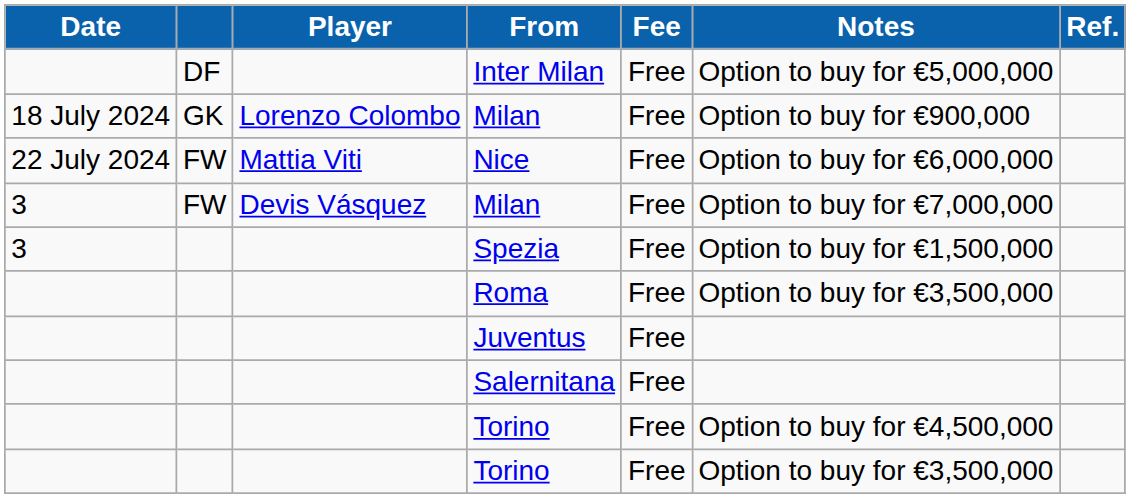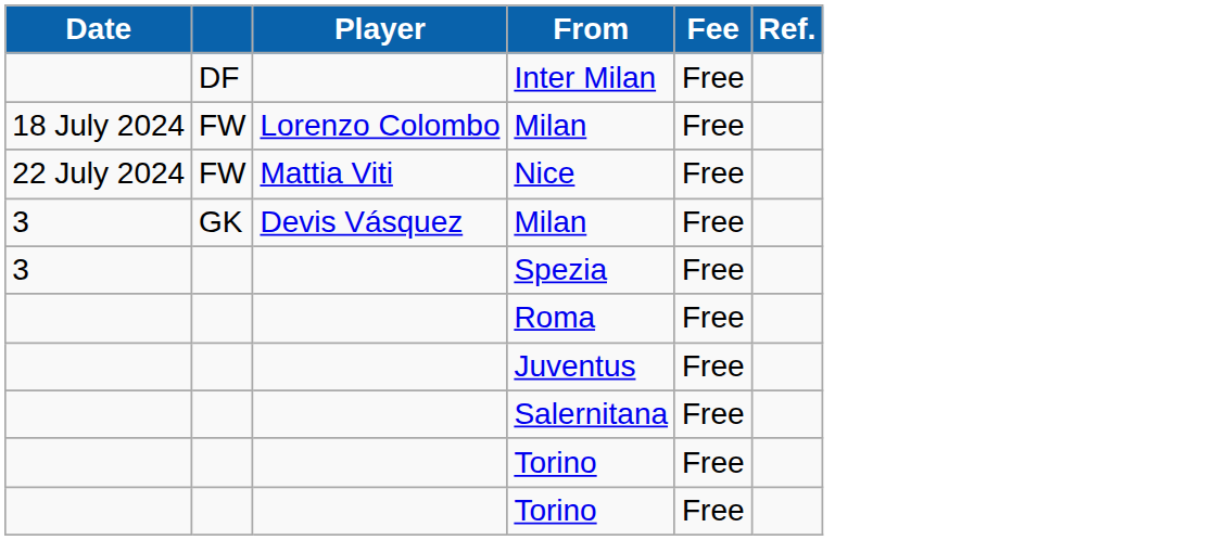 <table class="wikitable">
 <tr>
 <th style="background:#0962AB;color:white">Date</th>
 <th style="background:#0962AB;color:white"></th>
 <th style="background:#0962AB;color:white">Player</th>
 <th style="background:#0962AB;color:white">From</th>
 <th style="background:#0962AB;color:white">Fee</th>
-<th style="background:#0962AB;color:white">Notes</th>
 <th style="background:#0962AB;color:white">Ref.</th>
 </tr>
 <tr>
 <td></td>
 <td>DF</td>
 <td> </td>
 <td> <a href='#'>Inter Milan</a></td>
 <td>Free</td>
-<td>Option to buy for €5,000,000</td>
 <td></td>
 </tr>
 <tr>
 <td>18 July 2024</td>
-<td>GK</td>
+<td>FW</td>
 <td> <a href='#'>Lorenzo Colombo</a></td>
 <td> <a href='#'>Milan</a></td>
 <td>Free</td>
-<td>Option to buy for €900,000</td>
 <td></td>
 </tr>
 <tr>
 <td>22 July 2024</td>
 <td>FW</td>
 <td> <a href='#'>Mattia Viti</a></td>
 <td> <a href='#'>Nice</a></td>
 <td>Free</td>
-<td>Option to buy for €6,000,000</td>
 <td></td>
 </tr>
 <tr>
 <td>3</td>
-<td>FW</td>
+<td>GK</td>
 <td> <a href='#'>Devis Vásquez</a></td>
 <td> <a href='#'>Milan</a></td>
 <td>Free</td>
-<td>Option to buy for €7,000,000</td>
 <td></td>
 </tr>
 <tr>
 <td>3</td>
 <td></td>
 <td> </td>
 <td> <a href='#'>Spezia</a></td>
 <td>Free</td>
-<td>Option to buy for €1,500,000</td>
 <td></td>
 </tr>
 <tr>
 <td></td>
 <td></td>
 <td> </td>
 <td> <a href='#'>Roma</a></td>
 <td>Free</td>
-<td>Option to buy for €3,500,000</td>
 <td></td>
 </tr>
 <tr>
 <td></td>
 <td></td>
 <td> </td>
 <td> <a href='#'>Juventus</a></td>
 <td>Free</td>
 <td></td>
-<td></td>
 </tr>
 <tr>
 <td></td>
 <td></td>
 <td> </td>
 <td> <a href='#'>Salernitana</a></td>
 <td>Free</td>
 <td></td>
+</tr>
+<tr>
+<td></td>
+<td></td>
+<td> </td>
+<td> <a href='#'>Torino</a></td>
+<td>Free</td>
 <td></td>
 </tr>
 <tr>
 <td></td>
 <td></td>
 <td> </td>
 <td> <a href='#'>Torino</a></td>
 <td>Free</td>
-<td>Option to buy for €4,500,000</td>
-<td></td>
-</tr>
-<tr>
-<td></td>
-<td></td>
-<td> </td>
-<td> <a href='#'>Torino</a></td>
-<td>Free</td>
-<td>Option to buy for €3,500,000</td>
 <td></td>
 </tr>
 </table>
